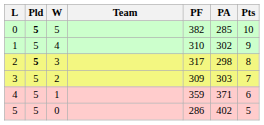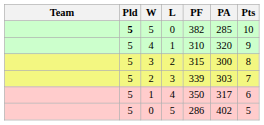 <table class="wikitable" style="text-align:center;">
 <tr>
-<th width=25>L</th>
+<th width=170>Team</th>
 <th width=25>Pld</th>
 <th width=25>W</th>
-<th width=170>Team</th>
+<th width=25>L</th>
 <th width=35>PF</th>
 <th width=35>PA</th>
 <th width=25>Pts</th>
 </tr>
 <tr bgcolor=#ccffcc>
-<td>0</td>
+<td align="left"></td>
 <td><strong>5</strong></td>
 <td>5</td>
-<td align="left"></td>
+<td>0</td>
 <td>382</td>
 <td>285</td>
 <td>10</td>
 </tr>
 <tr bgcolor=#ccffcc>
-<td>1</td>
+<td align="left"></td>
 <td>5</td>
 <td>4</td>
-<td align="left"></td>
+<td>1</td>
 <td>310</td>
-<td>302</td>
+<td>320</td>
 <td>9</td>
 </tr>
 <tr bgcolor=#F3F781>
+<td align="left"></td>
+<td>5</td>
+<td>3</td>
 <td>2</td>
-<td><strong>5</strong></td>
-<td>3</td>
-<td align="left"></td>
-<td>317</td>
-<td>298</td>
+<td>315</td>
+<td>300</td>
 <td>8</td>
 </tr>
 <tr bgcolor=#F3F781>
-<td>3</td>
+<td align="left"></td>
 <td>5</td>
 <td>2</td>
-<td align="left"></td>
-<td>309</td>
+<td>3</td>
+<td>339</td>
 <td>303</td>
 <td>7</td>
 </tr>
 <tr bgcolor=#ffcccc>
-<td>4</td>
+<td align="left"></td>
 <td>5</td>
 <td>1</td>
-<td align="left"></td>
-<td>359</td>
-<td>371</td>
+<td>4</td>
+<td>350</td>
+<td>317</td>
 <td>6</td>
 </tr>
 <tr bgcolor=#ffcccc>
-<td>5</td>
+<td align="left"></td>
 <td>5</td>
 <td>0</td>
-<td align="left"></td>
+<td>5</td>
 <td>286</td>
 <td>402</td>
 <td>5</td>
 </tr>
 </table>
